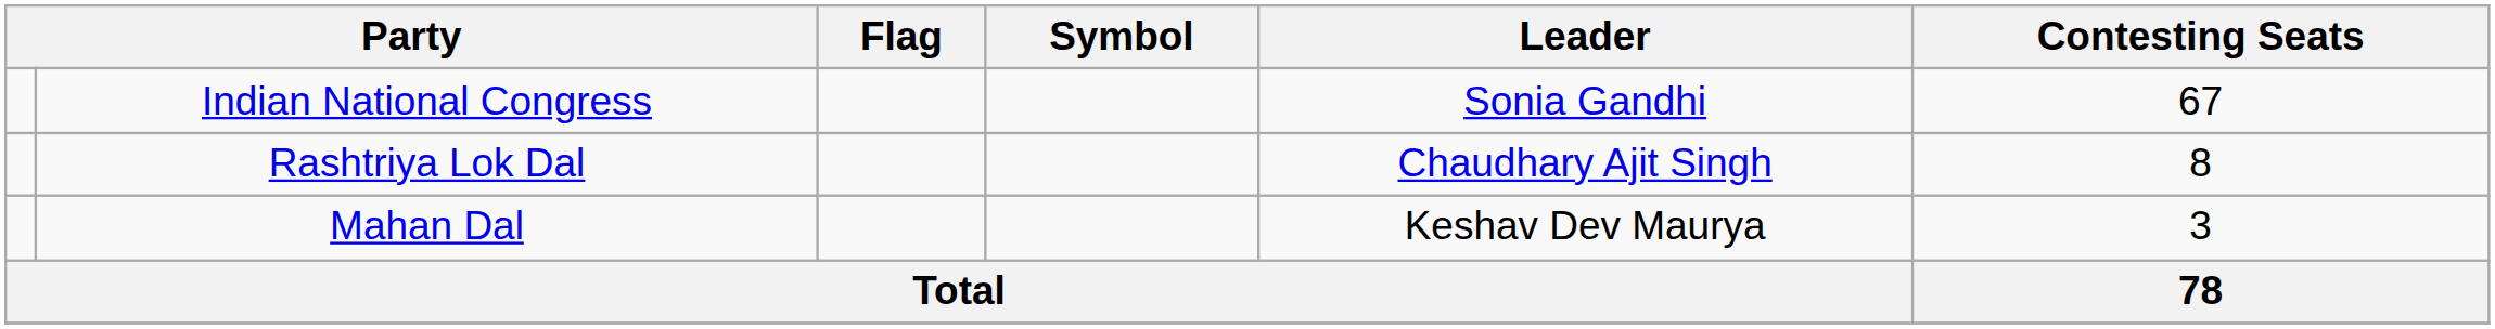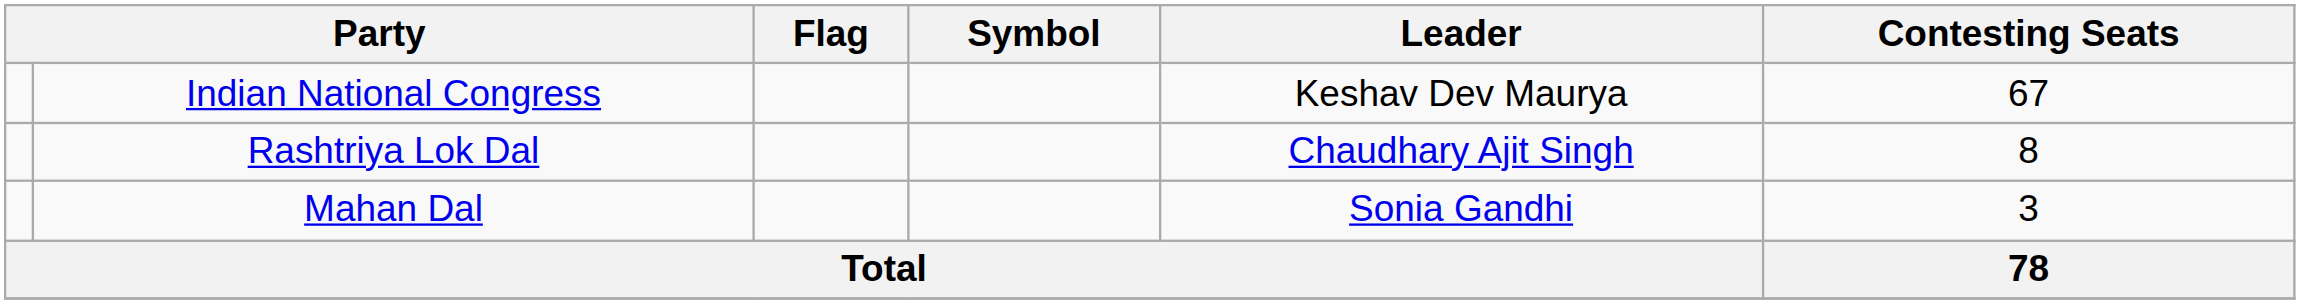 <table class="wikitable" width="50%" style="text-align:center">
 <tr>
 <th colspan="2">Party</th>
 <th>Flag</th>
 <th>Symbol</th>
 <th>Leader</th>
 <th>Contesting Seats</th>
 </tr>
 <tr>
 <td></td>
 <td><a href='#'>Indian National Congress</a></td>
 <td></td>
 <td></td>
-<td><a href='#'>Sonia Gandhi</a></td>
+<td>Keshav Dev Maurya</td>
 <td>67</td>
 </tr>
 <tr>
 <td></td>
 <td><a href='#'>Rashtriya Lok Dal</a></td>
 <td></td>
 <td></td>
 <td><a href='#'>Chaudhary Ajit Singh</a></td>
 <td>8</td>
 </tr>
 <tr>
 <td></td>
 <td><a href='#'>Mahan Dal</a></td>
 <td></td>
 <td></td>
-<td>Keshav Dev Maurya</td>
+<td><a href='#'>Sonia Gandhi</a></td>
 <td>3</td>
 </tr>
 <tr>
 <th colspan="5">Total</th>
 <th colspan="2">78</th>
 </tr>
 <tr>
 </tr>
 </table>
